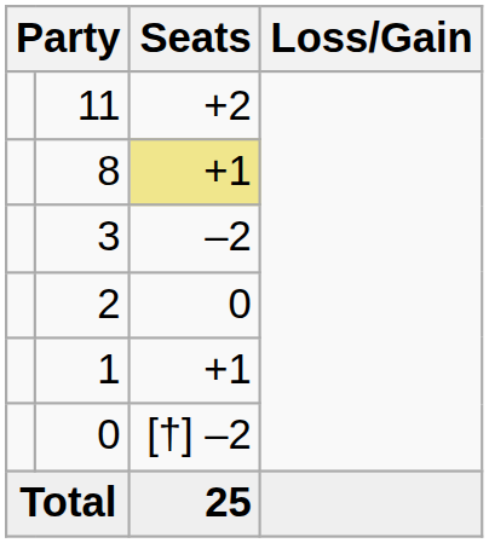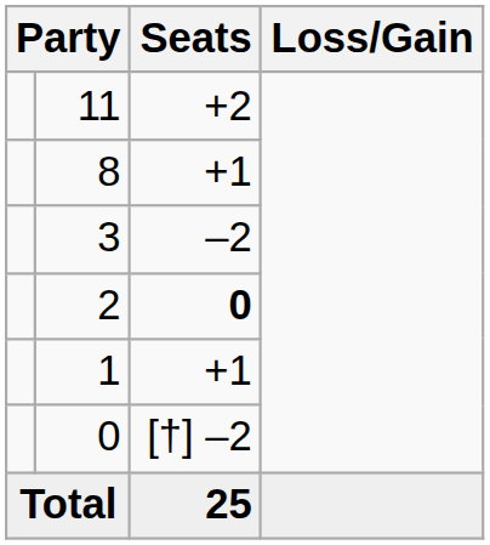 <table class="wikitable" style="text-align:right">
 <tr>
 <th colspan=2>Party</th>
 <th>Seats</th>
 <th>Loss/Gain</th>
 </tr>
 <tr>
 <td></td>
 <td>11</td>
 <td>+2</td>
 </tr>
 <tr>
 <td></td>
 <td>8</td>
-<td style="background: khaki;">+1</td>
+<td>+1</td>
 </tr>
 <tr>
 <td></td>
 <td>3</td>
 <td>–2</td>
 </tr>
 <tr>
 <td></td>
 <td>2</td>
-<td>0</td>
+<td><strong>0</strong></td>
 </tr>
 <tr>
 <td></td>
 <td>1</td>
 <td>+1</td>
 </tr>
 <tr>
 <td></td>
 <td>0</td>
 <td>[†] –2</td>
 </tr>
 <tr style="background:#efefef;">
 <td colspan="2" style="text-align:center;"><strong>Total</strong></td>
 <td><strong>25</strong></td>
 <td></td>
 </tr>
 </table>
